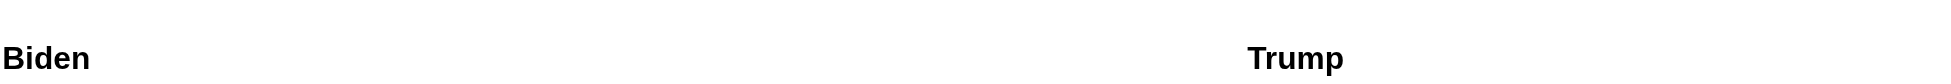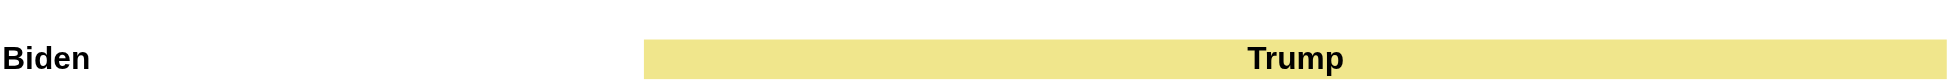 <table style="width:100%; text-align:center">
 <tr style="color:white">
 <td style="background:"><strong>306</strong></td>
 <td style="background:"><strong>232</strong></td>
 </tr>
 <tr>
 <td style="color:"><strong>Biden</strong></td>
-<td style="color:"><strong>Trump</strong></td>
+<td style="background: khaki; color:"><strong>Trump</strong></td>
 </tr>
 </table>
